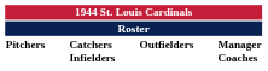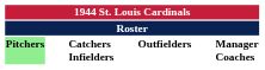 <table class="toccolours" style="font-size: 95%;">
 <tr>
 <th colspan="10" style="background-color: #c41e3a; color: white; text-align: center;">1944 St. Louis Cardinals</th>
 </tr>
 <tr>
 <td colspan="10" style="background-color: #0a2252; color: white; text-align: center;"><strong>Roster</strong></td>
 </tr>
 <tr>
-<td valign="top"><strong>Pitchers</strong><br>           </td>
+<td valign="top" style="background: lightgreen;"><strong>Pitchers</strong><br>           </td>
 <td width="25px"></td>
 <td valign="top"><strong>Catchers</strong><br>   <strong>Infielders</strong>      </td>
 <td width="25px"></td>
 <td valign="top"><strong>Outfielders</strong><br>     </td>
 <td width="25px"></td>
 <td valign="top"><strong>Manager</strong><br> <strong>Coaches</strong>  </td>
 </tr>
 </table>
